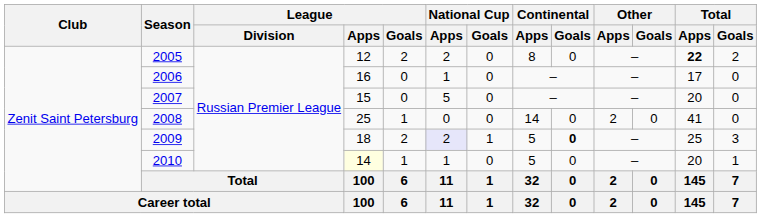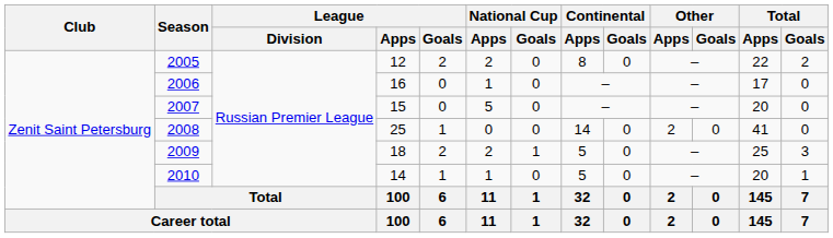 <table class="wikitable" style="text-align: center">
 <tr>
 <th rowspan="2">Club</th>
 <th rowspan="2">Season</th>
 <th colspan="3">League</th>
 <th colspan="2">National Cup</th>
 <th colspan="2">Continental</th>
 <th colspan="2">Other</th>
 <th colspan="2">Total</th>
 </tr>
 <tr>
 <th>Division</th>
 <th>Apps</th>
 <th>Goals</th>
 <th>Apps</th>
 <th>Goals</th>
 <th>Apps</th>
 <th>Goals</th>
 <th>Apps</th>
 <th>Goals</th>
 <th>Apps</th>
 <th>Goals</th>
 </tr>
 <tr>
 <td rowspan="7"><a href='#'>Zenit Saint Petersburg</a></td>
 <td><a href='#'>2005</a></td>
 <td rowspan="6"><a href='#'>Russian Premier League</a></td>
 <td>12</td>
 <td>2</td>
 <td>2</td>
 <td>0</td>
 <td>8</td>
 <td>0</td>
 <td colspan="2">–</td>
-<td><strong>22</strong></td>
+<td>22</td>
 <td>2</td>
 </tr>
 <tr>
 <td><a href='#'>2006</a></td>
 <td>16</td>
 <td>0</td>
 <td>1</td>
 <td>0</td>
 <td colspan="2">–</td>
 <td colspan="2">–</td>
 <td>17</td>
 <td>0</td>
 </tr>
 <tr>
 <td><a href='#'>2007</a></td>
 <td>15</td>
 <td>0</td>
 <td>5</td>
 <td>0</td>
 <td colspan="2">–</td>
 <td colspan="2">–</td>
 <td>20</td>
 <td>0</td>
 </tr>
 <tr>
 <td><a href='#'>2008</a></td>
 <td>25</td>
 <td>1</td>
 <td>0</td>
 <td>0</td>
 <td>14</td>
 <td>0</td>
 <td>2</td>
 <td>0</td>
 <td>41</td>
 <td>0</td>
 </tr>
 <tr>
 <td><a href='#'>2009</a></td>
 <td>18</td>
 <td>2</td>
-<td style="background: lavender;">2</td>
+<td>2</td>
 <td>1</td>
 <td>5</td>
-<td><strong>0</strong></td>
+<td>0</td>
 <td colspan="2">–</td>
 <td>25</td>
 <td>3</td>
 </tr>
 <tr>
 <td><a href='#'>2010</a></td>
-<td style="background: lightyellow;">14</td>
+<td>14</td>
 <td>1</td>
 <td>1</td>
 <td>0</td>
 <td>5</td>
 <td>0</td>
 <td colspan="2">–</td>
 <td>20</td>
 <td>1</td>
 </tr>
 <tr>
 <th colspan="2">Total</th>
 <th>100</th>
 <th>6</th>
 <th>11</th>
 <th>1</th>
 <th>32</th>
 <th>0</th>
 <th>2</th>
 <th>0</th>
 <th>145</th>
 <th>7</th>
 </tr>
 <tr>
 <th colspan="3">Career total</th>
 <th>100</th>
 <th>6</th>
 <th>11</th>
 <th>1</th>
 <th>32</th>
 <th>0</th>
 <th>2</th>
 <th>0</th>
 <th>145</th>
 <th>7</th>
 </tr>
 </table>
